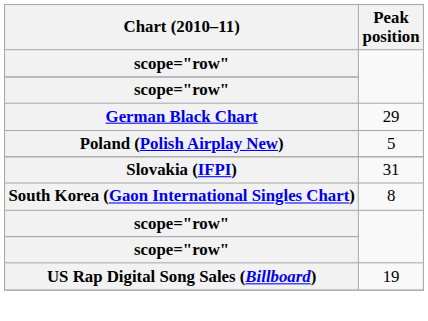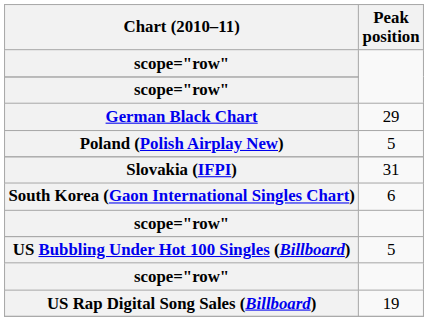 <table class="wikitable sortable plainrowheaders">
 <tr>
 <th>Chart (2010–11)</th>
 <th>Peak<br>position</th>
 </tr>
 <tr>
 <th>scope="row" </th>
 </tr>
 <tr>
 </tr>
 <tr>
 <th>scope="row" </th>
 </tr>
 <tr>
 <th scope="row"><a href='#'>German Black Chart</a></th>
 <td align="center">29</td>
 </tr>
 <tr>
 <th scope="row">Poland (<a href='#'>Polish Airplay New</a>)</th>
 <td align="center">5</td>
 </tr>
 <tr>
 </tr>
 <tr>
 <th scope="row">Slovakia (<a href='#'>IFPI</a>)</th>
 <td align="center">31</td>
 </tr>
 <tr>
 <th scope="row">South Korea (<a href='#'>Gaon International Singles Chart</a>)</th>
-<td align="center">8</td>
+<td align="center">6</td>
 </tr>
 <tr>
 <th>scope="row" </th>
 </tr>
 <tr>
+</tr>
+<tr>
+<th scope="row">US <a href='#'>Bubbling Under Hot 100 Singles</a> (<em><a href='#'>Billboard</a></em>)</th>
+<td style="text-align:center">5</td>
 </tr>
 <tr>
 <th>scope="row" </th>
 </tr>
 <tr>
 <th scope="row">US Rap Digital Song Sales (<em><a href='#'>Billboard</a></em>)</th>
 <td style="text-align:center">19</td>
 </tr>
 <tr>
 </tr>
 </table>
